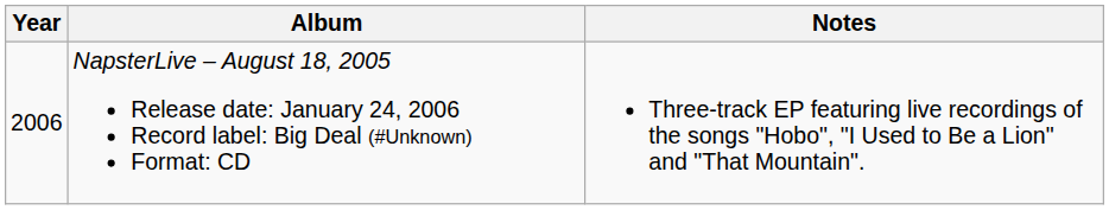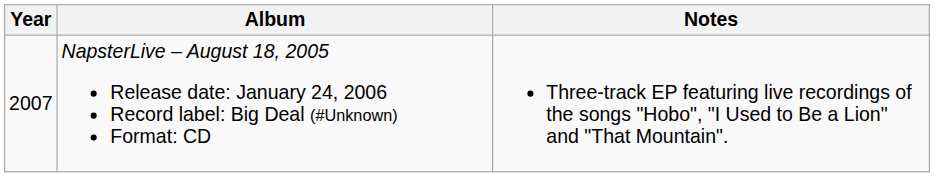 <table class="wikitable">
 <tr>
 <th>Year</th>
 <th width=350>Album</th>
 <th width=350>Notes</th>
 </tr>
 <tr>
-<td>2006</td>
+<td>2007</td>
 <td><em>NapsterLive – August 18, 2005</em><br><ul><li>Release date:  January 24, 2006</li><li>Record label: Big Deal <small>(#Unknown)</small></li><li>Format: CD</li></ul></td>
 <td><br><ul><li>Three-track EP featuring live recordings of the songs "Hobo", "I Used to Be a Lion" and "That Mountain".</li></ul></td>
 </tr>
 </table>
